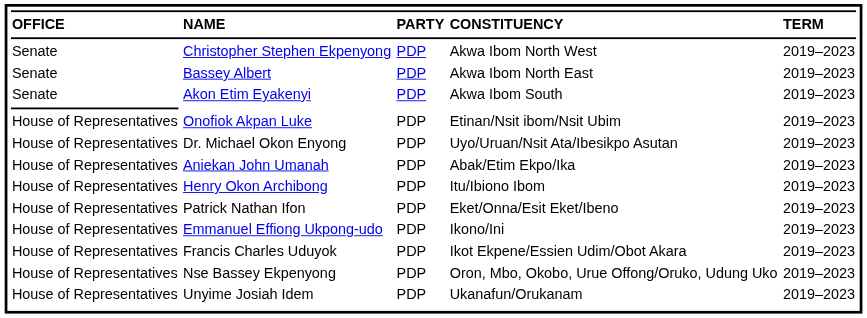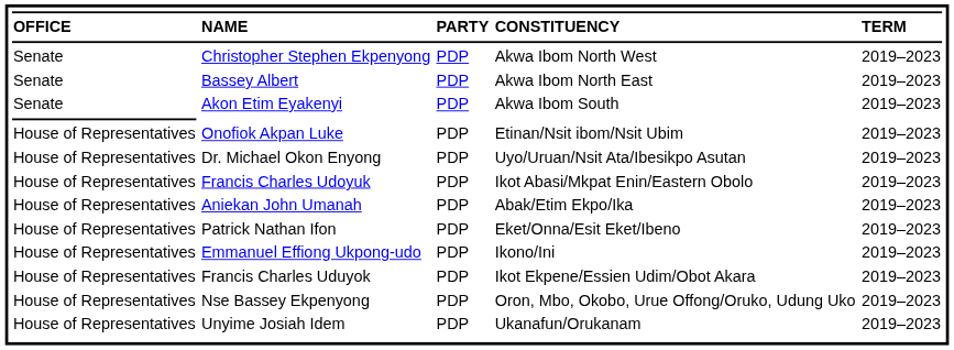 <table cellpadding=1 cellspacing=4 style="margin:3px; border:3px solid #000000;">
 <tr>
 <td bgcolor=#000000 colspan=5></td>
 </tr>
 <tr>
 <td><strong>OFFICE</strong></td>
 <td><strong>NAME</strong></td>
 <td><strong>PARTY</strong></td>
 <td><strong>CONSTITUENCY</strong></td>
 <td><strong>TERM</strong></td>
 </tr>
 <tr>
 <td bgcolor=#000000 colspan=5></td>
 </tr>
 <tr>
 <td Senate of Nigeria>Senate</td>
 <td><a href='#'>Christopher Stephen Ekpenyong</a></td>
 <td People's Democratic Party (Nigeria)><a href='#'>PDP</a></td>
 <td>Akwa Ibom North West</td>
 <td>2019–2023</td>
 </tr>
 <tr>
 <td Senate of Nigeria>Senate</td>
 <td><a href='#'>Bassey Albert</a></td>
 <td People's Democratic Party (Nigeria)><a href='#'>PDP</a></td>
 <td>Akwa Ibom North East</td>
 <td>2019–2023</td>
 </tr>
 <tr>
 <td Senate of Nigeria>Senate</td>
 <td><a href='#'>Akon Etim Eyakenyi</a></td>
 <td People's Democratic Party (Nigeria)><a href='#'>PDP</a></td>
 <td>Akwa Ibom South</td>
 <td>2019–2023</td>
 </tr>
 <tr>
 <td bgcolor=#000000 coCTlspan=5></td>
 </tr>
 <tr>
 <td House of Representatives of Nigeria>House of Representatives</td>
 <td><a href='#'> Onofiok Akpan Luke</a></td>
 <td People's Democratic Party (Nigeria)>PDP</td>
 <td>Etinan/Nsit ibom/Nsit Ubim</td>
 <td>2019–2023</td>
 </tr>
 <tr>
 <td House of Representatives of Nigeria>House of Representatives</td>
 <td>Dr. Michael Okon Enyong</td>
 <td People's Democratic Party (Nigeria)>PDP</td>
 <td>Uyo/Uruan/Nsit Ata/Ibesikpo Asutan</td>
 <td>2019–2023</td>
 </tr>
 <tr>
 <td House of Representatives of Nigeria>House of Representatives</td>
-<td><a href='#'>Aniekan John Umanah</a></td>
+<td><a href='#'>Francis Charles Udoyuk</a></td>
 <td People's Democratic Party (Nigeria)>PDP</td>
-<td>Abak/Etim Ekpo/Ika</td>
+<td>Ikot Abasi/Mkpat Enin/Eastern Obolo</td>
 <td>2019–2023</td>
 </tr>
 <tr>
 <td House of Representatives of Nigeria>House of Representatives</td>
-<td><a href='#'>Henry Okon Archibong</a></td>
+<td><a href='#'>Aniekan John Umanah</a></td>
 <td People's Democratic Party (Nigeria)>PDP</td>
-<td>Itu/Ibiono Ibom</td>
+<td>Abak/Etim Ekpo/Ika</td>
 <td>2019–2023</td>
 </tr>
 <tr>
 <td House of Representatives of Nigeria>House of Representatives</td>
 <td>Patrick Nathan Ifon</td>
 <td People's Democratic Party (Nigeria)>PDP</td>
 <td>Eket/Onna/Esit Eket/Ibeno</td>
 <td>2019–2023</td>
 </tr>
 <tr>
 <td House of Representatives of Nigeria>House of Representatives</td>
 <td><a href='#'>Emmanuel Effiong Ukpong-udo</a></td>
 <td People's Democratic Party (Nigeria)>PDP</td>
 <td>Ikono/Ini</td>
 <td>2019–2023</td>
 </tr>
 <tr>
 <td House of Representatives of Nigeria>House of Representatives</td>
 <td>Francis Charles Uduyok</td>
 <td People's Democratic Party (Nigeria)>PDP</td>
 <td>Ikot Ekpene/Essien Udim/Obot Akara</td>
 <td>2019–2023</td>
 </tr>
 <tr>
 <td House of Representatives of Nigeria>House of Representatives</td>
 <td>Nse Bassey Ekpenyong</td>
 <td People's Democratic Party (Nigeria)>PDP</td>
 <td>Oron, Mbo, Okobo, Urue Offong/Oruko, Udung Uko</td>
 <td>2019–2023</td>
 </tr>
 <tr>
 <td House of Representatives of Nigeria>House of Representatives</td>
 <td>Unyime Josiah Idem</td>
 <td People's Democratic Party (Nigeria)>PDP</td>
 <td>Ukanafun/Orukanam</td>
 <td>2019–2023</td>
 </tr>
 <tr>
 </tr>
 </table>
